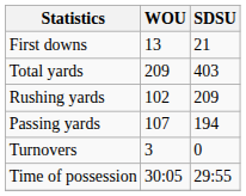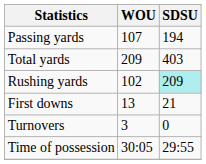 <table class="wikitable">
 <tr>
 <th>Statistics</th>
 <th>WOU</th>
 <th>SDSU</th>
 </tr>
 <tr>
-<td>First downs</td>
-<td>13</td>
-<td>21</td>
+<td>Passing yards</td>
+<td>107</td>
+<td>194</td>
 </tr>
 <tr>
 <td>Total yards</td>
 <td>209</td>
 <td>403</td>
 </tr>
 <tr>
 <td>Rushing yards</td>
 <td>102</td>
-<td>209</td>
+<td style="background: paleturquoise;">209</td>
 </tr>
 <tr>
-<td>Passing yards</td>
-<td>107</td>
-<td>194</td>
+<td>First downs</td>
+<td>13</td>
+<td>21</td>
 </tr>
 <tr>
 <td>Turnovers</td>
 <td>3</td>
 <td>0</td>
 </tr>
 <tr>
 <td>Time of possession</td>
 <td>30:05</td>
 <td>29:55</td>
 </tr>
 <tr>
 </tr>
 </table>
